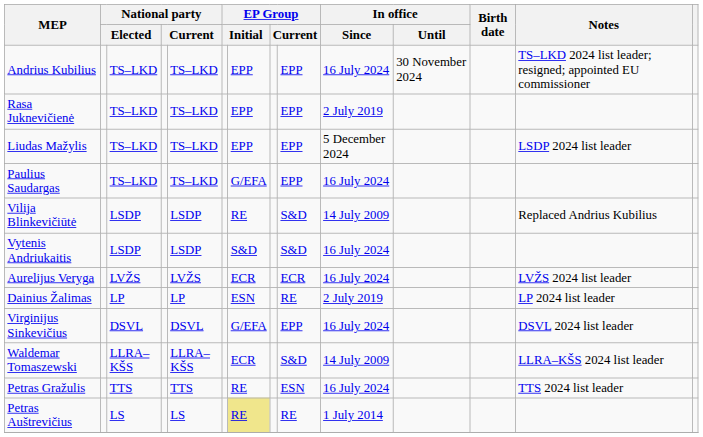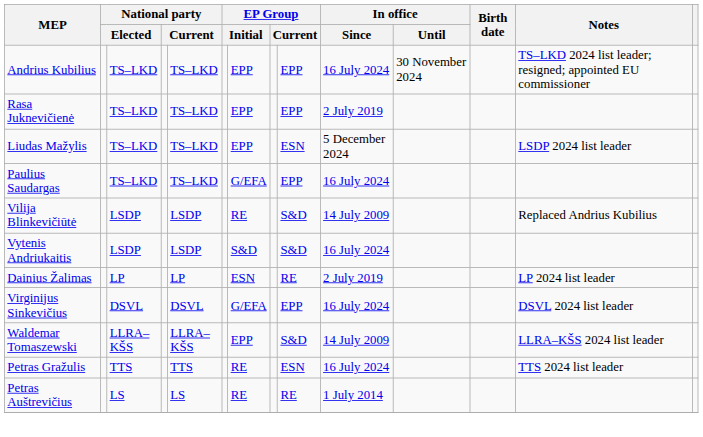 <table class="wikitable sortable" style="text-align:left">
 <tr>
 <th rowspan="2">MEP</th>
 <th colspan="4">National party</th>
 <th colspan="4"><a href='#'>EP Group</a></th>
 <th colspan="2">In office</th>
 <th rowspan="2">Birth date</th>
 <th rowspan="2">Notes</th>
 <th rowspan="2" class="unsortable"></th>
 </tr>
 <tr>
 <th colspan="2">Elected</th>
 <th colspan="2">Current</th>
 <th colspan="2">Initial</th>
 <th colspan="2">Current</th>
 <th>Since</th>
 <th>Until</th>
 </tr>
 <tr>
 <td><a href='#'>Andrius Kubilius</a></td>
 <td style="background: "></td>
 <td><a href='#'>TS–LKD</a></td>
 <td style="background: "></td>
 <td><a href='#'>TS–LKD</a></td>
 <td style="background: "></td>
 <td><a href='#'>EPP</a></td>
 <td style="background: "></td>
 <td><a href='#'>EPP</a></td>
 <td><a href='#'>16 July 2024</a></td>
 <td>30 November 2024</td>
 <td></td>
 <td><a href='#'>TS–LKD</a> 2024 list leader; resigned; appointed EU commissioner</td>
 <td></td>
 </tr>
 <tr>
 <td><a href='#'>Rasa Juknevičienė</a></td>
 <td style="background: "></td>
 <td><a href='#'>TS–LKD</a></td>
 <td style="background: "></td>
 <td><a href='#'>TS–LKD</a></td>
 <td style="background: "></td>
 <td><a href='#'>EPP</a></td>
 <td style="background: "></td>
 <td><a href='#'>EPP</a></td>
 <td><a href='#'>2 July 2019</a></td>
 <td></td>
 <td></td>
 <td></td>
 <td></td>
 </tr>
 <tr>
 <td><a href='#'>Liudas Mažylis</a></td>
 <td style="background: "></td>
 <td><a href='#'>TS–LKD</a></td>
 <td style="background: "></td>
 <td><a href='#'>TS–LKD</a></td>
 <td style="background: "></td>
 <td><a href='#'>EPP</a></td>
 <td style="background: "></td>
-<td><a href='#'>EPP</a></td>
+<td><a href='#'>ESN</a></td>
 <td>5 December 2024</td>
 <td></td>
 <td></td>
 <td><a href='#'>LSDP</a> 2024 list leader</td>
 <td></td>
 </tr>
 <tr>
 <td><a href='#'>Paulius Saudargas</a></td>
 <td style="background: "></td>
 <td><a href='#'>TS–LKD</a></td>
 <td style="background: "></td>
 <td><a href='#'>TS–LKD</a></td>
 <td style="background: "></td>
 <td><a href='#'>G/EFA</a></td>
 <td style="background: "></td>
 <td><a href='#'>EPP</a></td>
 <td><a href='#'>16 July 2024</a></td>
 <td></td>
 <td></td>
 <td></td>
 <td></td>
 </tr>
 <tr>
 <td><a href='#'>Vilija Blinkevičiūtė</a></td>
 <td style="background: "></td>
 <td><a href='#'>LSDP</a></td>
 <td style="background: "></td>
 <td><a href='#'>LSDP</a></td>
 <td style="background: "></td>
 <td><a href='#'>RE</a></td>
 <td style="background: "></td>
 <td><a href='#'>S&D</a></td>
 <td><a href='#'>14 July 2009</a></td>
 <td></td>
 <td></td>
 <td>Replaced Andrius Kubilius</td>
 <td></td>
 </tr>
 <tr>
 <td><a href='#'>Vytenis Andriukaitis</a></td>
 <td style="background: "></td>
 <td><a href='#'>LSDP</a></td>
 <td style="background: "></td>
 <td><a href='#'>LSDP</a></td>
 <td style="background: "></td>
 <td><a href='#'>S&D</a></td>
 <td style="background: "></td>
 <td><a href='#'>S&D</a></td>
 <td><a href='#'>16 July 2024</a></td>
 <td></td>
 <td></td>
 <td></td>
 <td></td>
 </tr>
 <tr>
-<td><a href='#'>Aurelijus Veryga</a></td>
-<td style="background: "></td>
-<td><a href='#'>LVŽS</a></td>
-<td style="background: "></td>
-<td><a href='#'>LVŽS</a></td>
-<td style="background: "></td>
-<td><a href='#'>ECR</a></td>
-<td style="background: "></td>
-<td><a href='#'>ECR</a></td>
-<td><a href='#'>16 July 2024</a></td>
-<td></td>
-<td></td>
-<td><a href='#'>LVŽS</a> 2024 list leader</td>
-<td></td>
-</tr>
-<tr>
 <td><a href='#'>Dainius Žalimas</a></td>
 <td style="background: "></td>
 <td><a href='#'>LP</a></td>
 <td style="background: "></td>
 <td><a href='#'>LP</a></td>
 <td style="background: "></td>
 <td><a href='#'>ESN</a></td>
 <td style="background: "></td>
 <td><a href='#'>RE</a></td>
 <td><a href='#'>2 July 2019</a></td>
 <td></td>
 <td></td>
 <td><a href='#'>LP</a> 2024 list leader</td>
 <td></td>
 </tr>
 <tr>
 <td><a href='#'>Virginijus Sinkevičius</a></td>
 <td style="background: "></td>
 <td><a href='#'>DSVL</a></td>
 <td style="background: "></td>
 <td><a href='#'>DSVL</a></td>
 <td style="background: "></td>
 <td><a href='#'>G/EFA</a></td>
 <td style="background: "></td>
 <td><a href='#'>EPP</a></td>
 <td><a href='#'>16 July 2024</a></td>
 <td></td>
 <td></td>
 <td><a href='#'>DSVL</a> 2024 list leader</td>
 <td></td>
 </tr>
 <tr>
 <td><a href='#'>Waldemar Tomaszewski</a></td>
 <td style="background: "></td>
 <td><a href='#'>LLRA–KŠS</a></td>
 <td style="background: "></td>
 <td><a href='#'>LLRA–KŠS</a></td>
 <td style="background: "></td>
-<td><a href='#'>ECR</a></td>
+<td><a href='#'>EPP</a></td>
 <td style="background: "></td>
 <td><a href='#'>S&D</a></td>
 <td><a href='#'>14 July 2009</a></td>
 <td></td>
 <td></td>
 <td><a href='#'>LLRA–KŠS</a> 2024 list leader</td>
 <td></td>
 </tr>
 <tr>
 <td><a href='#'>Petras Gražulis</a></td>
 <td style="background: "></td>
 <td><a href='#'>TTS</a></td>
 <td style="background: "></td>
 <td><a href='#'>TTS</a></td>
 <td style="background: "></td>
 <td><a href='#'>RE</a></td>
 <td style="background: "></td>
 <td><a href='#'>ESN</a></td>
 <td><a href='#'>16 July 2024</a></td>
 <td></td>
 <td></td>
 <td><a href='#'>TTS</a> 2024 list leader</td>
 <td></td>
 </tr>
 <tr>
 <td><a href='#'>Petras Auštrevičius</a></td>
 <td style="background: "></td>
 <td><a href='#'>LS</a></td>
 <td style="background: "></td>
 <td><a href='#'>LS</a></td>
 <td style="background: "></td>
-<td style="background: khaki;"><a href='#'>RE</a></td>
+<td><a href='#'>RE</a></td>
 <td style="background: "></td>
 <td><a href='#'>RE</a></td>
 <td><a href='#'>1 July 2014</a></td>
 <td></td>
 <td></td>
 <td></td>
 <td></td>
 </tr>
 <tr>
 </tr>
 </table>
